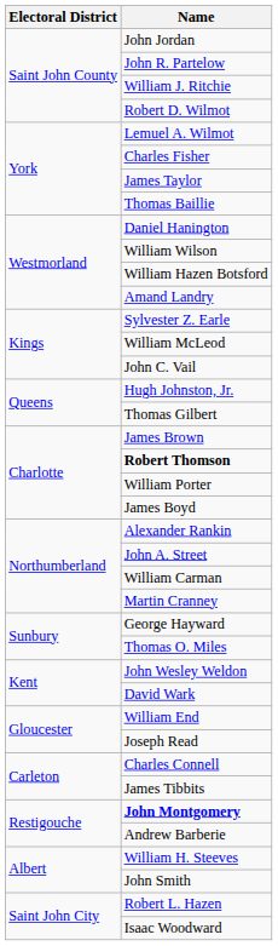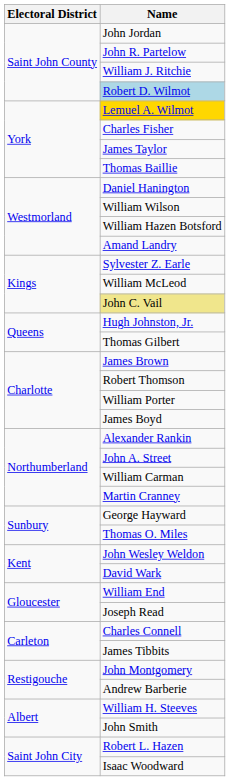 <table class="wikitable">
 <tr>
 <th>Electoral District</th>
 <th>Name</th>
 </tr>
 <tr>
 <td rowspan="4"><a href='#'>Saint John County</a></td>
 <td>John Jordan</td>
 </tr>
 <tr>
 <td><a href='#'>John R. Partelow</a></td>
 </tr>
 <tr>
 <td><a href='#'>William J. Ritchie</a></td>
 </tr>
 <tr>
-<td><a href='#'>Robert D. Wilmot</a></td>
+<td style="background: lightblue;"><a href='#'>Robert D. Wilmot</a></td>
 </tr>
 <tr>
 <td rowspan="4"><a href='#'>York</a></td>
-<td><a href='#'>Lemuel A. Wilmot</a></td>
+<td style="background: gold;"><a href='#'>Lemuel A. Wilmot</a></td>
 </tr>
 <tr>
 <td><a href='#'>Charles Fisher</a></td>
 </tr>
 <tr>
 <td><a href='#'>James Taylor</a></td>
 </tr>
 <tr>
 <td><a href='#'>Thomas Baillie</a></td>
 </tr>
 <tr>
 <td rowspan="4"><a href='#'>Westmorland</a></td>
 <td><a href='#'>Daniel Hanington</a></td>
 </tr>
 <tr>
 <td>William Wilson</td>
 </tr>
 <tr>
 <td>William Hazen Botsford</td>
 </tr>
 <tr>
 <td><a href='#'>Amand Landry</a></td>
 </tr>
 <tr>
 <td rowspan="3"><a href='#'>Kings</a></td>
 <td><a href='#'>Sylvester Z. Earle</a></td>
 </tr>
 <tr>
 <td>William McLeod</td>
 </tr>
 <tr>
-<td>John C. Vail</td>
+<td style="background: khaki;">John C. Vail</td>
 </tr>
 <tr>
 <td rowspan="2"><a href='#'>Queens</a></td>
 <td><a href='#'>Hugh Johnston, Jr.</a></td>
 </tr>
 <tr>
 <td>Thomas Gilbert</td>
 </tr>
 <tr>
 <td rowspan="4"><a href='#'>Charlotte</a></td>
 <td><a href='#'>James Brown</a></td>
 </tr>
 <tr>
-<td><strong>Robert Thomson</strong></td>
+<td>Robert Thomson</td>
 </tr>
 <tr>
 <td>William Porter</td>
 </tr>
 <tr>
 <td>James Boyd</td>
 </tr>
 <tr>
 <td rowspan="4"><a href='#'>Northumberland</a></td>
 <td><a href='#'>Alexander Rankin</a></td>
 </tr>
 <tr>
 <td><a href='#'>John A. Street</a></td>
 </tr>
 <tr>
 <td>William Carman</td>
 </tr>
 <tr>
 <td><a href='#'>Martin Cranney</a></td>
 </tr>
 <tr>
 <td rowspan="2"><a href='#'>Sunbury</a></td>
 <td>George Hayward</td>
 </tr>
 <tr>
 <td><a href='#'>Thomas O. Miles</a></td>
 </tr>
 <tr>
 <td rowspan="2"><a href='#'>Kent</a></td>
 <td><a href='#'>John Wesley Weldon</a></td>
 </tr>
 <tr>
 <td><a href='#'>David Wark</a></td>
 </tr>
 <tr>
 <td rowspan="2"><a href='#'>Gloucester</a></td>
 <td><a href='#'>William End</a></td>
 </tr>
 <tr>
 <td>Joseph Read</td>
 </tr>
 <tr>
 <td rowspan="2"><a href='#'>Carleton</a></td>
 <td><a href='#'>Charles Connell</a></td>
 </tr>
 <tr>
 <td>James Tibbits</td>
 </tr>
 <tr>
 <td rowspan="2"><a href='#'>Restigouche</a></td>
-<td><strong><a href='#'>John Montgomery</a></strong></td>
+<td><a href='#'>John Montgomery</a></td>
 </tr>
 <tr>
 <td>Andrew Barberie</td>
 </tr>
 <tr>
 <td rowspan="2"><a href='#'>Albert</a></td>
 <td><a href='#'>William H. Steeves</a></td>
 </tr>
 <tr>
 <td>John Smith</td>
 </tr>
 <tr>
 <td rowspan="2"><a href='#'>Saint John City</a></td>
 <td><a href='#'>Robert L. Hazen</a></td>
 </tr>
 <tr>
 <td>Isaac Woodward</td>
 </tr>
 </table>
